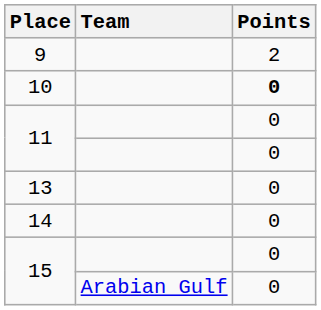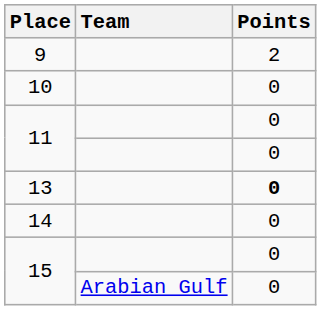 <table class="wikitable" style="text-align:center; padding-bottom:0;">
 <tr>
 <th>Place</th>
 <th style="text-align:left;">Team</th>
 <th>Points</th>
 </tr>
 <tr>
 <td>9</td>
 <td align=left></td>
 <td>2</td>
 </tr>
 <tr>
 <td>10</td>
 <td align=left></td>
-<td><strong>0</strong></td>
+<td>0</td>
 </tr>
 <tr>
 <td rowspan=2>11</td>
 <td align=left></td>
 <td>0</td>
 </tr>
 <tr>
 <td align=left></td>
 <td>0</td>
 </tr>
 <tr>
 <td>13</td>
 <td align=left></td>
-<td>0</td>
+<td><strong>0</strong></td>
 </tr>
 <tr>
 <td>14</td>
 <td align=left></td>
 <td>0</td>
 </tr>
 <tr>
 <td rowspan=2>15</td>
 <td align=left></td>
 <td>0</td>
 </tr>
 <tr>
 <td align=left> <a href='#'>Arabian Gulf</a></td>
 <td>0</td>
 </tr>
 </table>
